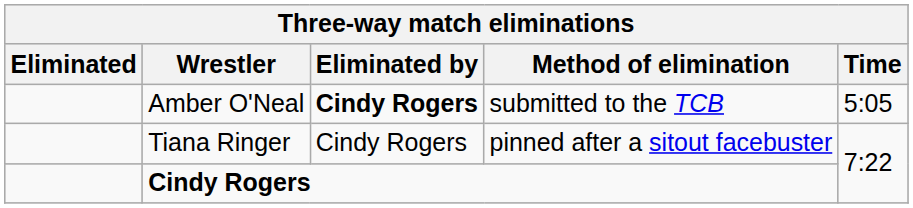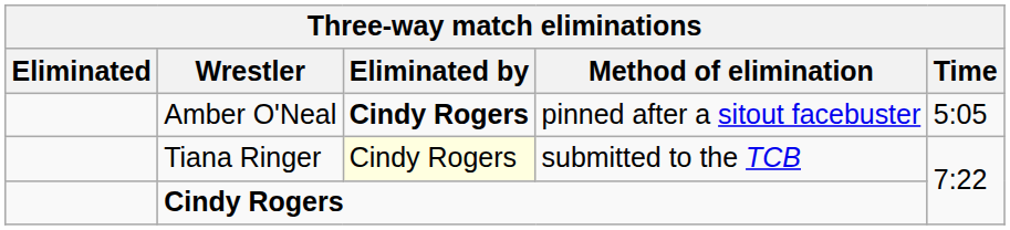 <table style="font-size: 100%" class="wikitable" border="1">
 <tr>
 <th colspan="6">Three-way match eliminations</th>
 </tr>
 <tr>
 <th>Eliminated</th>
 <th>Wrestler</th>
 <th>Eliminated by</th>
 <th>Method of elimination</th>
 <th>Time</th>
 </tr>
 <tr>
 <td></td>
 <td>Amber O'Neal</td>
 <td><strong>Cindy Rogers</strong></td>
-<td>submitted to the <em><a href='#'>TCB</a></em></td>
+<td>pinned after a <a href='#'>sitout facebuster</a></td>
 <td>5:05</td>
 </tr>
 <tr>
 <td></td>
 <td>Tiana Ringer</td>
-<td>Cindy Rogers</td>
-<td>pinned after a <a href='#'>sitout facebuster</a></td>
+<td style="background: lightyellow;">Cindy Rogers</td>
+<td>submitted to the <em><a href='#'>TCB</a></em></td>
 <td rowspan="2">7:22</td>
 </tr>
 <tr>
 <td><strong></strong></td>
 <td colspan=3><strong>Cindy Rogers</strong></td>
 </tr>
 </table>
